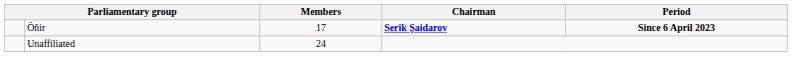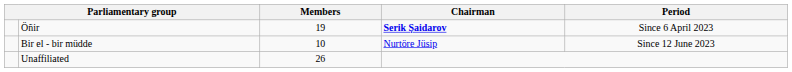 <table class="wikitable" style="width:100%;text-align:center">
 <tr>
 <th colspan="2">Parliamentary group</th>
 <th>Members</th>
 <th>Chairman</th>
 <th>Period</th>
 </tr>
 <tr>
 <td style="background:"></td>
 <td style="text-align:left">Öñir</td>
-<td>17</td>
+<td>19</td>
 <td style="text-align:left"><strong><a href='#'>Serik Şaidarov</a></strong></td>
-<td><strong>Since 6 April 2023</strong></td>
+<td>Since 6 April 2023</td>
+</tr>
+<tr>
+<td style="background:"></td>
+<td style="text-align:left">Bir el - bir müdde</td>
+<td>10</td>
+<td style="text-align:left"><a href='#'>Nurtöre Jüsip</a></td>
+<td>Since 12 June 2023</td>
 </tr>
 <tr>
 <td style="background:"></td>
 <td style="text-align:left">Unaffiliated</td>
-<td>24</td>
+<td>26</td>
 <td colspan="2" style="text-align:left"></td>
 </tr>
 </table>
